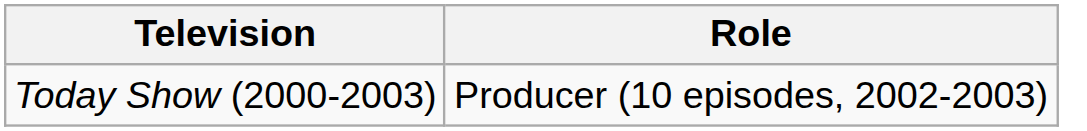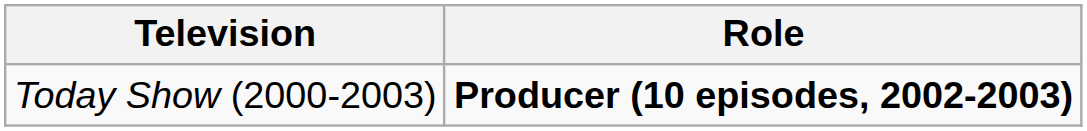 <table class="wikitable">
 <tr>
 <th>Television</th>
 <th>Role</th>
 </tr>
 <tr>
 <td><em>Today Show</em> (2000-2003)</td>
-<td>Producer (10 episodes, 2002-2003)</td>
+<td><strong>Producer (10 episodes, 2002-2003)</strong></td>
 </tr>
 </table>
